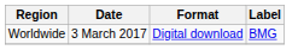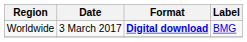 <table class=wikitable>
 <tr>
 <th>Region</th>
 <th>Date</th>
 <th>Format</th>
 <th>Label</th>
 </tr>
 <tr>
 <td>Worldwide</td>
 <td>3 March 2017</td>
-<td><a href='#'>Digital download</a></td>
+<td><strong><a href='#'>Digital download</a></strong></td>
 <td><a href='#'>BMG</a></td>
 </tr>
 <tr>
 </tr>
 </table>
